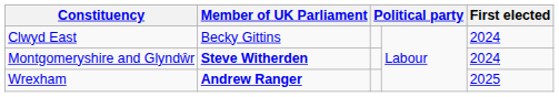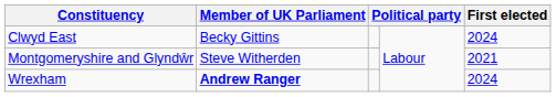 <table class="wikitable sortable">
 <tr>
 <th><a href='#'>Constituency</a></th>
 <th><a href='#'>Member of UK Parliament</a></th>
 <th colspan="2" style="vertical-align:top;"><a href='#'>Political party</a></th>
 <th>First elected</th>
 </tr>
 <tr>
 <td><a href='#'>Clwyd East</a></td>
 <td><a href='#'>Becky Gittins</a></td>
 <td style="color:inherit;background:"></td>
 <td rowspan="3"><a href='#'>Labour</a></td>
 <td><a href='#'>2024</a></td>
 </tr>
 <tr>
 <td><a href='#'>Montgomeryshire and Glyndŵr</a></td>
-<td><strong><a href='#'>Steve Witherden</a></strong></td>
+<td><a href='#'>Steve Witherden</a></td>
 <td style="color:inherit;background:"></td>
-<td><a href='#'>2024</a></td>
+<td><a href='#'>2021</a></td>
 </tr>
 <tr>
 <td><a href='#'>Wrexham</a></td>
 <td><strong><a href='#'>Andrew Ranger</a></strong></td>
 <td style="color:inherit;background:"></td>
-<td><a href='#'>2025</a></td>
+<td><a href='#'>2024</a></td>
 </tr>
 </table>
